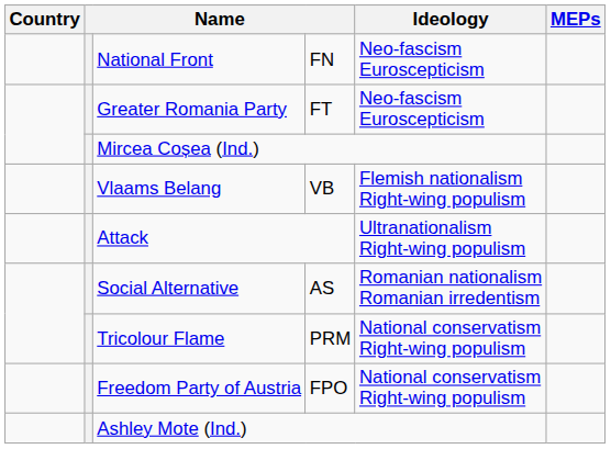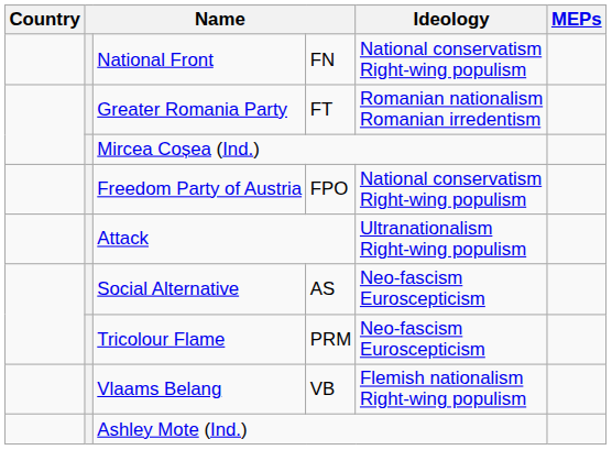 <table class="wikitable">
 <tr>
 <th>Country</th>
 <th colspan="3">Name</th>
 <th>Ideology</th>
 <th><a href='#'>MEPs</a></th>
 </tr>
 <tr>
 <td></td>
 <th style="background:"></th>
 <td><a href='#'>National Front</a></td>
 <td>FN</td>
-<td><a href='#'>Neo-fascism</a><br><a href='#'>Euroscepticism</a></td>
+<td><a href='#'>National conservatism</a><br><a href='#'>Right-wing populism</a></td>
 <td></td>
 </tr>
 <tr>
 <td rowspan="2"></td>
 <th style="background:"></th>
 <td><a href='#'>Greater Romania Party</a></td>
 <td>FT</td>
-<td><a href='#'>Neo-fascism</a><br><a href='#'>Euroscepticism</a></td>
+<td><a href='#'>Romanian nationalism</a><br><a href='#'>Romanian irredentism</a></td>
 <td></td>
 </tr>
 <tr>
 <th style="background:"></th>
 <td colspan="3"><a href='#'>Mircea Coșea</a> (<a href='#'>Ind.</a>)</td>
 <td></td>
 </tr>
 <tr>
 <td></td>
 <th style="background:"></th>
-<td><a href='#'>Vlaams Belang</a></td>
-<td>VB</td>
-<td><a href='#'>Flemish nationalism</a><br><a href='#'>Right-wing populism</a></td>
+<td><a href='#'>Freedom Party of Austria</a></td>
+<td>FPO</td>
+<td><a href='#'>National conservatism</a><br><a href='#'>Right-wing populism</a></td>
 <td></td>
 </tr>
 <tr>
 <td></td>
 <th style="background:"></th>
 <td colspan="2"><a href='#'>Attack</a></td>
 <td><a href='#'>Ultranationalism</a><br><a href='#'>Right-wing populism</a></td>
 <td></td>
 </tr>
 <tr>
 <td rowspan="2"></td>
 <th style="background:"></th>
 <td><a href='#'>Social Alternative</a></td>
 <td>AS</td>
-<td><a href='#'>Romanian nationalism</a><br><a href='#'>Romanian irredentism</a></td>
+<td><a href='#'>Neo-fascism</a><br><a href='#'>Euroscepticism</a></td>
 <td></td>
 </tr>
 <tr>
 <th style="background:"></th>
 <td><a href='#'>Tricolour Flame</a></td>
 <td>PRM</td>
-<td><a href='#'>National conservatism</a><br><a href='#'>Right-wing populism</a></td>
+<td><a href='#'>Neo-fascism</a><br><a href='#'>Euroscepticism</a></td>
 <td></td>
 </tr>
 <tr>
 <td></td>
 <th style="background:"></th>
-<td><a href='#'>Freedom Party of Austria</a></td>
-<td>FPO</td>
-<td><a href='#'>National conservatism</a><br><a href='#'>Right-wing populism</a></td>
+<td><a href='#'>Vlaams Belang</a></td>
+<td>VB</td>
+<td><a href='#'>Flemish nationalism</a><br><a href='#'>Right-wing populism</a></td>
 <td></td>
 </tr>
 <tr>
 <td></td>
 <th style="background:"></th>
 <td colspan="3"><a href='#'>Ashley Mote</a> (<a href='#'>Ind.</a>)</td>
 <td></td>
 </tr>
 </table>
